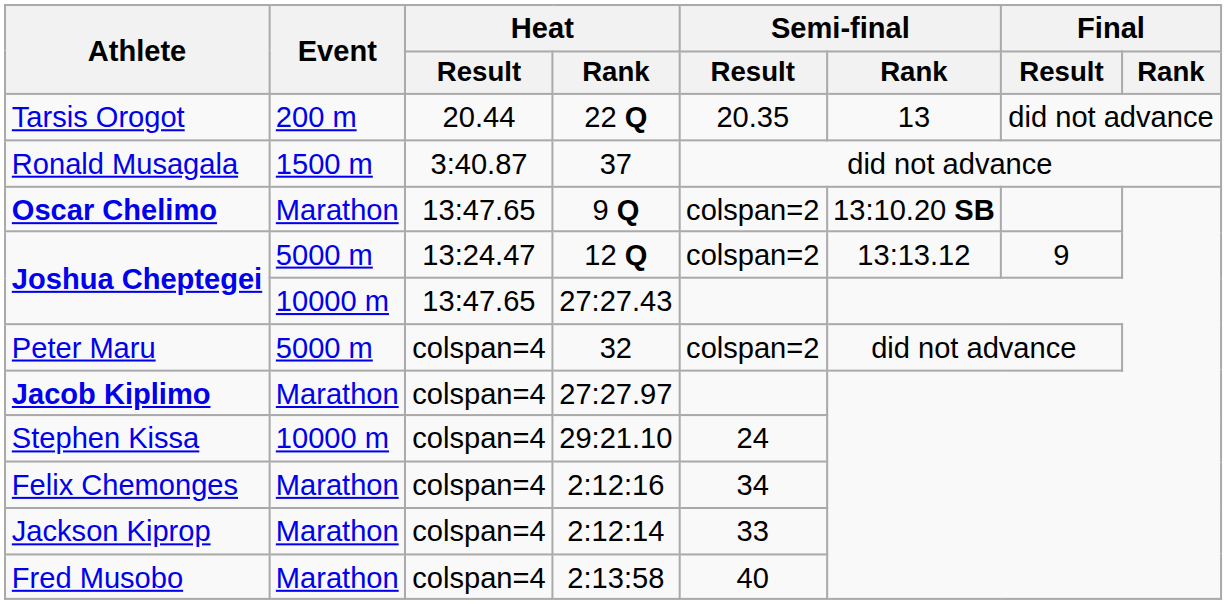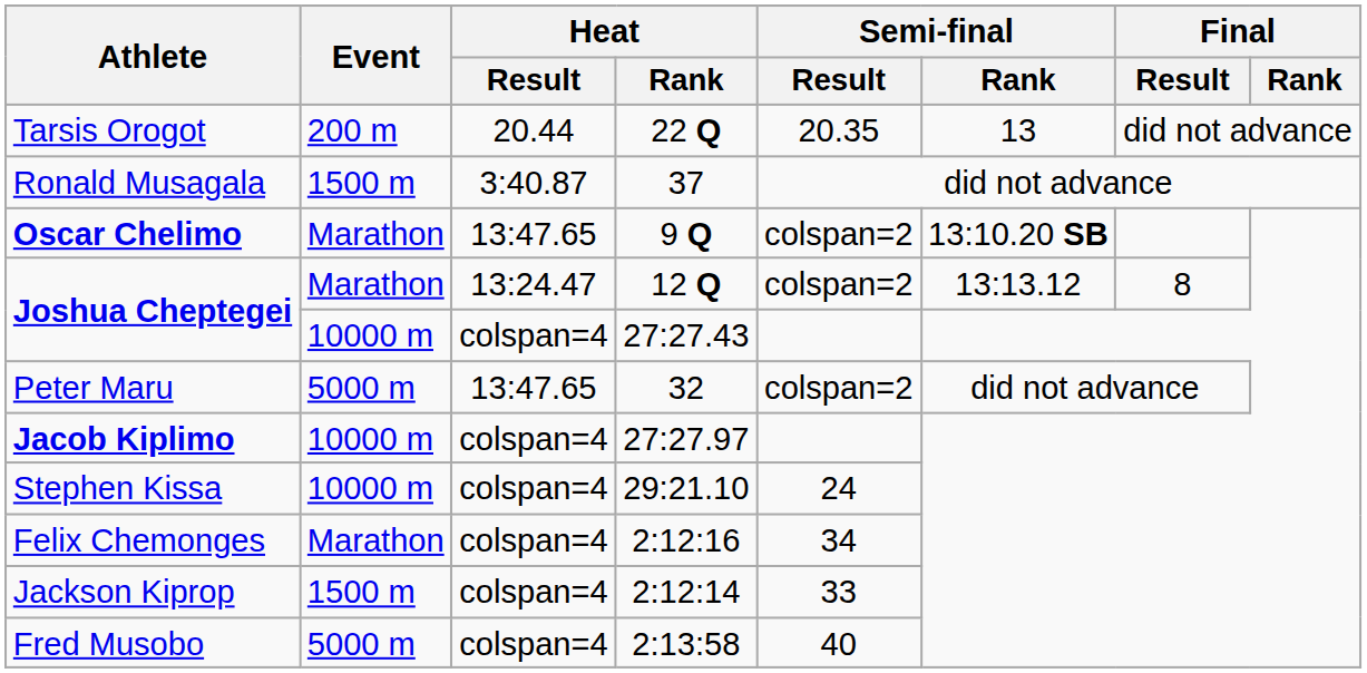 <table class=wikitable style=font-size:90%>
 <tr>
 <th rowspan=2>Athlete</th>
 <th rowspan=2>Event</th>
 <th colspan=2>Heat</th>
 <th colspan=2>Semi-final</th>
 <th colspan=2>Final</th>
 </tr>
 <tr style=font-size:95%>
 <th>Result</th>
 <th>Rank</th>
 <th>Result</th>
 <th>Rank</th>
 <th>Result</th>
 <th>Rank</th>
 </tr>
 <tr align=center>
 <td align=left><a href='#'>Tarsis Orogot</a></td>
 <td align=left><a href='#'>200 m</a></td>
 <td>20.44</td>
 <td>22 <strong>Q</strong></td>
 <td>20.35</td>
 <td>13</td>
 <td colspan=2>did not advance</td>
 </tr>
 <tr align=center>
 <td align=left><a href='#'>Ronald Musagala</a></td>
 <td align=left><a href='#'>1500 m</a></td>
 <td>3:40.87</td>
 <td>37</td>
 <td colspan=4>did not advance</td>
 </tr>
 <tr align=center>
 <td align=left><strong><a href='#'>Oscar Chelimo</a></strong></td>
 <td align=left><a href='#'>Marathon</a></td>
 <td>13:47.65</td>
 <td>9 <strong>Q</strong></td>
 <td>colspan=2</td>
 <td>13:10.20 <strong>SB</strong></td>
 <td></td>
 </tr>
 <tr align=center>
 <td align=left rowspan=2><strong><a href='#'>Joshua Cheptegei</a></strong></td>
-<td align=left><a href='#'>5000 m</a></td>
+<td align=left><a href='#'>Marathon</a></td>
 <td>13:24.47</td>
 <td>12 <strong>Q</strong></td>
 <td>colspan=2</td>
 <td>13:13.12</td>
-<td>9</td>
+<td>8</td>
 </tr>
 <tr align=center>
 <td align=left><a href='#'>10000 m</a></td>
-<td>13:47.65</td>
+<td>colspan=4</td>
 <td>27:27.43 </td>
 <td></td>
 </tr>
 <tr align=center>
 <td align=left><a href='#'>Peter Maru</a></td>
 <td align=left><a href='#'>5000 m</a></td>
-<td>colspan=4</td>
+<td>13:47.65</td>
 <td>32</td>
 <td>colspan=2</td>
 <td colspan=2>did not advance</td>
 </tr>
 <tr align=center>
 <td align=left><strong><a href='#'>Jacob Kiplimo</a></strong></td>
-<td align=left><a href='#'>Marathon</a></td>
+<td align=left><a href='#'>10000 m</a></td>
 <td>colspan=4</td>
 <td>27:27.97 </td>
 <td></td>
 </tr>
 <tr align=center>
 <td align=left><a href='#'>Stephen Kissa</a></td>
 <td align=left><a href='#'>10000 m</a></td>
 <td>colspan=4</td>
 <td>29:21.10 </td>
 <td>24</td>
 </tr>
 <tr align=center>
 <td align=left><a href='#'>Felix Chemonges</a></td>
 <td align=left><a href='#'>Marathon</a></td>
 <td>colspan=4</td>
 <td>2:12:16</td>
 <td>34</td>
 </tr>
 <tr align=center>
 <td align=left><a href='#'>Jackson Kiprop</a></td>
-<td align=left><a href='#'>Marathon</a></td>
+<td align=left><a href='#'>1500 m</a></td>
 <td>colspan=4</td>
 <td>2:12:14</td>
 <td>33</td>
 </tr>
 <tr align=center>
 <td align=left><a href='#'>Fred Musobo</a></td>
-<td align=left><a href='#'>Marathon</a></td>
+<td align=left><a href='#'>5000 m</a></td>
 <td>colspan=4</td>
 <td>2:13:58 </td>
 <td>40</td>
 </tr>
 </table>
